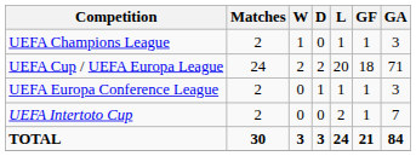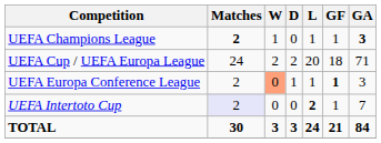 <table class="wikitable" align="center">
 <tr>
 <th>Competition</th>
 <th>Matches</th>
 <th>W</th>
 <th>D</th>
 <th>L</th>
 <th>GF</th>
 <th>GA</th>
 </tr>
 <tr>
 <td><a href='#'>UEFA Champions League</a></td>
-<td style="text-align:center;">2</td>
+<td style="text-align:center;"><strong>2</strong></td>
 <td style="text-align:center;">1</td>
 <td style="text-align:center;">0</td>
 <td style="text-align:center;">1</td>
 <td style="text-align:center;">1</td>
-<td style="text-align:center;">3</td>
+<td style="text-align:center;"><strong>3</strong></td>
 </tr>
 <tr>
 <td><a href='#'>UEFA Cup</a> / <a href='#'>UEFA Europa League</a></td>
 <td style="text-align:center;">24</td>
 <td style="text-align:center;">2</td>
 <td style="text-align:center;">2</td>
 <td style="text-align:center;">20</td>
 <td style="text-align:center;">18</td>
 <td style="text-align:center;">71</td>
 </tr>
 <tr>
 <td><a href='#'>UEFA Europa Conference League</a></td>
 <td style="text-align:center;">2</td>
-<td style="text-align:center;">0</td>
+<td style="background: lightsalmon; text-align:center;">0</td>
 <td style="text-align:center;">1</td>
 <td style="text-align:center;">1</td>
-<td style="text-align:center;">1</td>
+<td style="text-align:center;"><strong>1</strong></td>
 <td style="text-align:center;">3</td>
 </tr>
 <tr>
 <td><em><a href='#'>UEFA Intertoto Cup</a></em></td>
-<td style="text-align:center;">2</td>
+<td style="background: lavender; text-align:center;">2</td>
 <td style="text-align:center;">0</td>
 <td style="text-align:center;">0</td>
-<td style="text-align:center;">2</td>
+<td style="text-align:center;"><strong>2</strong></td>
 <td style="text-align:center;">1</td>
 <td style="text-align:center;">7</td>
 </tr>
 <tr>
 <td><strong>TOTAL</strong></td>
 <td style="text-align:center;"><strong>30</strong></td>
 <td style="text-align:center;"><strong>3</strong></td>
 <td style="text-align:center;"><strong>3</strong></td>
 <td style="text-align:center;"><strong>24</strong></td>
 <td style="text-align:center;"><strong>21</strong></td>
 <td style="text-align:center;"><strong>84</strong></td>
 </tr>
 <tr>
 </tr>
 </table>
